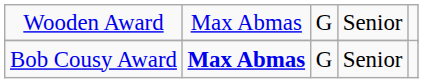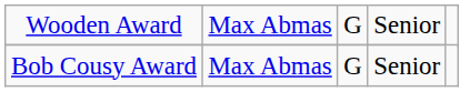 <table class="wikitable">
 <tr align="center">
 <td><a href='#'>Wooden Award</a></td>
 <td><a href='#'>Max Abmas</a></td>
 <td>G</td>
 <td>Senior</td>
 <td rowspan="2"></td>
 </tr>
 <tr>
 </tr>
 <tr align="center">
 <td><a href='#'>Bob Cousy Award</a></td>
-<td><strong><a href='#'>Max Abmas</a></strong></td>
+<td><a href='#'>Max Abmas</a></td>
 <td>G</td>
 <td>Senior</td>
 </tr>
 </table>
